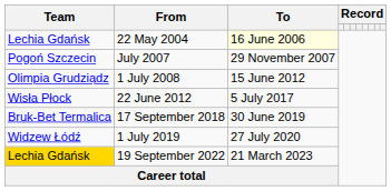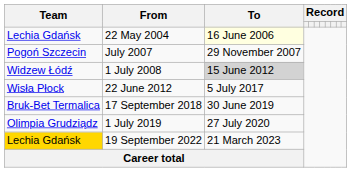 <table class="wikitable" style="text-align: center">
 <tr>
 <th rowspan="2">Team</th>
 <th rowspan="2">From</th>
 <th rowspan="2">To</th>
 <th colspan="8">Record</th>
 </tr>
 <tr>
 <th></th>
 <th></th>
 <th></th>
 <th></th>
 <th></th>
 <th></th>
 <th></th>
 <th></th>
 </tr>
 <tr>
 <td align=left><a href='#'>Lechia Gdańsk</a></td>
 <td align=left>22 May 2004</td>
 <td align=left style="background: lightyellow;">16 June 2006<br></td>
 </tr>
 <tr>
 <td align=left><a href='#'>Pogoń Szczecin</a></td>
 <td align=left>July 2007</td>
 <td align=left>29 November 2007<br></td>
 </tr>
 <tr>
-<td align=left><a href='#'>Olimpia Grudziądz</a></td>
+<td align=left><a href='#'>Widzew Łódź</a></td>
 <td align=left>1 July 2008</td>
-<td align=left>15 June 2012<br></td>
+<td align=left style="background: lightgrey;">15 June 2012<br></td>
 </tr>
 <tr>
 <td align=left><a href='#'>Wisła Płock</a></td>
 <td align=left>22 June 2012</td>
 <td align=left>5 July 2017<br></td>
 </tr>
 <tr>
 <td align=left><a href='#'>Bruk-Bet Termalica</a></td>
 <td align=left>17 September 2018</td>
 <td align=left>30 June 2019<br></td>
 </tr>
 <tr>
-<td align=left><a href='#'>Widzew Łódź</a></td>
+<td align=left><a href='#'>Olimpia Grudziądz</a></td>
 <td align=left>1 July 2019</td>
 <td align=left>27 July 2020<br></td>
 </tr>
 <tr>
 <td align=left style="background: gold;">Lechia Gdańsk</td>
 <td align=left>19 September 2022</td>
 <td align=left>21 March 2023<br></td>
 </tr>
 <tr>
 <th colspan="3">Career total<br></th>
 </tr>
 </table>
